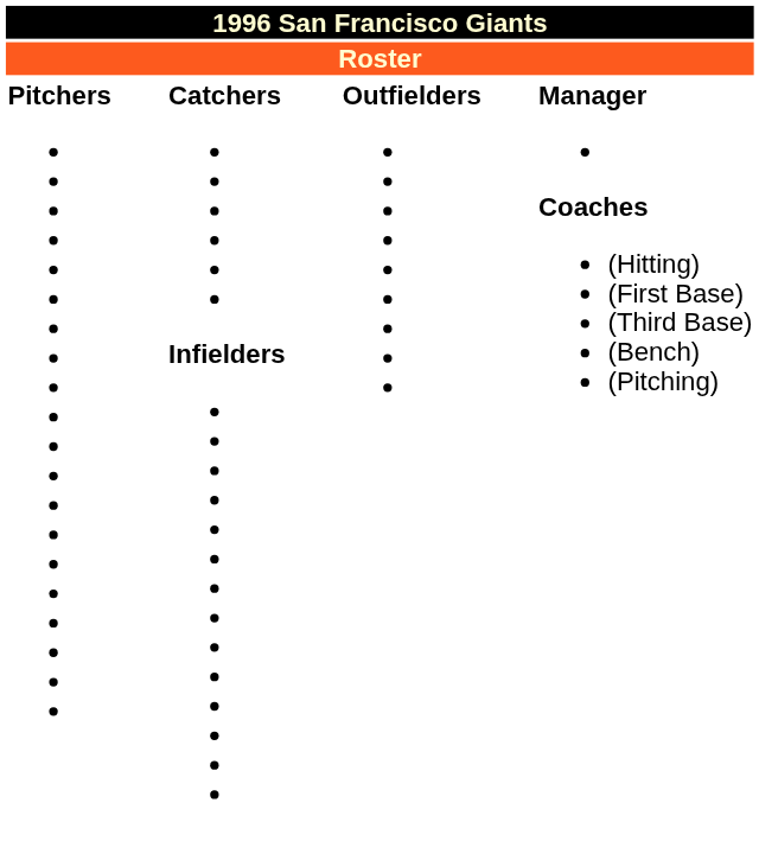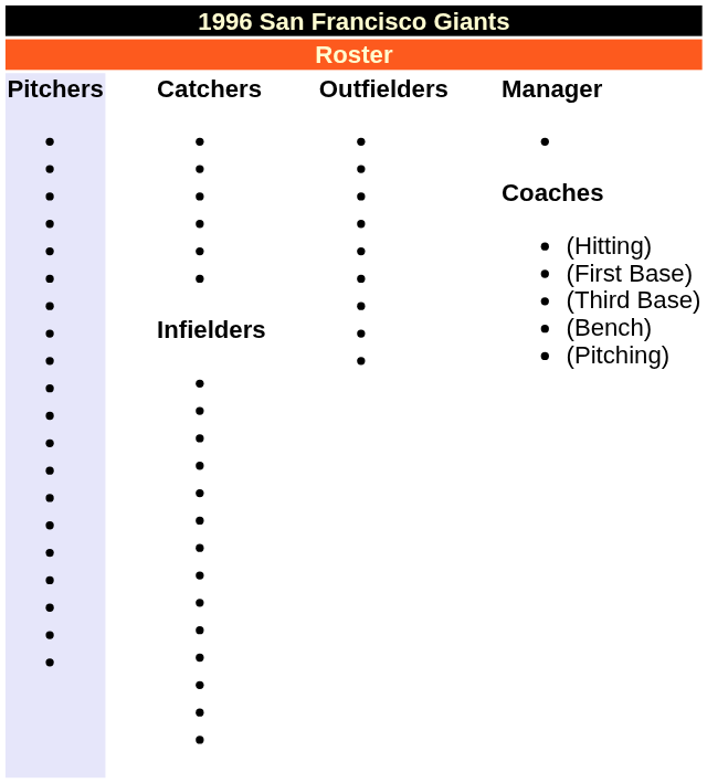 <table class="toccolours" style="font-size: 95%;">
 <tr>
 <th colspan="10" style="background-color: black; color: #FFFDD0; text-align: center;">1996 San Francisco Giants</th>
 </tr>
 <tr>
 <td colspan="10" style="background-color: #fd5a1e; color: #FFFDD0; text-align: center;"><strong>Roster</strong></td>
 </tr>
 <tr>
-<td valign="top"><strong>Pitchers</strong><br><ul><li></li><li></li><li></li><li></li><li></li><li></li><li></li><li></li><li></li><li></li><li></li><li></li><li></li><li></li><li></li><li></li><li></li><li></li><li></li><li></li></ul></td>
+<td valign="top" style="background: lavender;"><strong>Pitchers</strong><br><ul><li></li><li></li><li></li><li></li><li></li><li></li><li></li><li></li><li></li><li></li><li></li><li></li><li></li><li></li><li></li><li></li><li></li><li></li><li></li><li></li></ul></td>
 <td width="25px"></td>
 <td valign="top"><strong>Catchers</strong><br><ul><li></li><li></li><li></li><li></li><li></li><li></li></ul><strong>Infielders</strong><ul><li></li><li></li><li></li><li></li><li></li><li></li><li></li><li></li><li></li><li></li><li></li><li></li><li></li><li></li></ul></td>
 <td width="25px"></td>
 <td valign="top"><strong>Outfielders</strong><br><ul><li></li><li></li><li></li><li></li><li></li><li></li><li></li><li></li><li></li></ul></td>
 <td width="25px"></td>
 <td valign="top"><strong>Manager</strong><br><ul><li></li></ul><strong>Coaches</strong><ul><li> (Hitting)</li><li> (First Base)</li><li> (Third Base)</li><li> (Bench)</li><li> (Pitching)</li></ul></td>
 </tr>
 <tr>
 </tr>
 </table>
